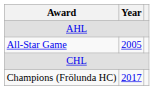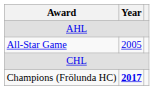 <table class="wikitable">
 <tr>
 <th>Award</th>
 <th>Year</th>
 <th></th>
 </tr>
 <tr ALIGN="center" bgcolor="#e0e0e0">
 <td colspan="3"><a href='#'>AHL</a></td>
 </tr>
 <tr>
 <td><a href='#'>All-Star Game</a></td>
 <td><a href='#'>2005</a></td>
 <td></td>
 </tr>
 <tr ALIGN="center" bgcolor="#e0e0e0">
 <td colspan="3"><a href='#'>CHL</a></td>
 </tr>
 <tr>
 <td>Champions (Frölunda HC)</td>
-<td><a href='#'>2017</a></td>
+<td><strong><a href='#'>2017</a></strong></td>
 <td></td>
 </tr>
 </table>
